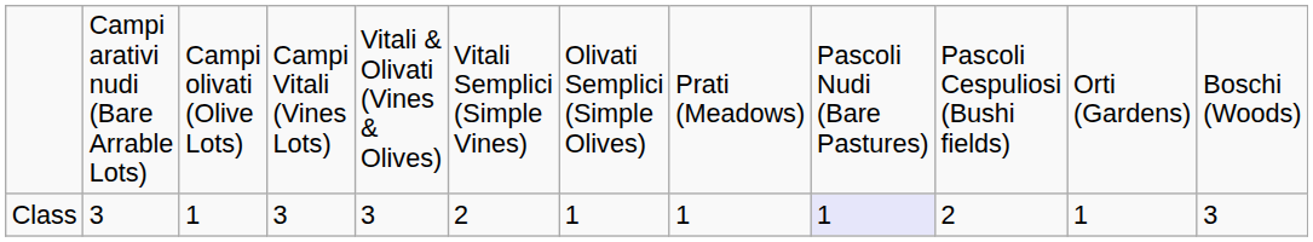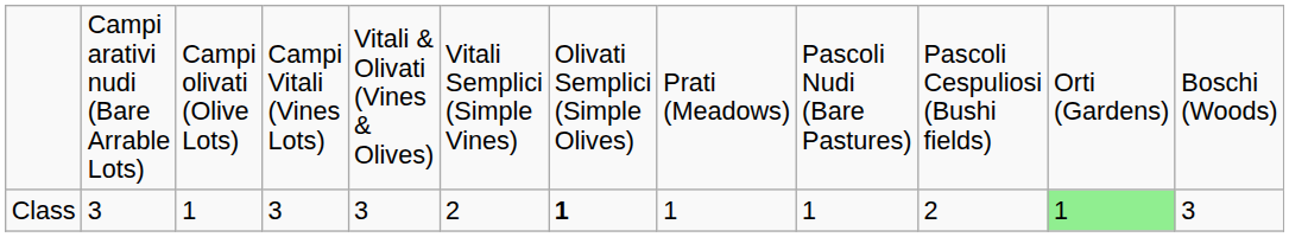 <table class="wikitable">
 <tr>
 <td></td>
 <td>Campi arativi nudi  (Bare Arrable Lots)</td>
 <td>Campi olivati (Olive Lots)</td>
 <td>Campi Vitali (Vines Lots)</td>
 <td>Vitali & Olivati (Vines & Olives)</td>
 <td>Vitali Semplici (Simple Vines)</td>
 <td>Olivati Semplici  (Simple Olives)</td>
 <td>Prati (Meadows)</td>
 <td>Pascoli Nudi (Bare Pastures)</td>
 <td>Pascoli Cespuliosi (Bushi fields)</td>
 <td>Orti  (Gardens)</td>
 <td>Boschi (Woods)</td>
 </tr>
 <tr>
 <td>Class</td>
 <td>3</td>
 <td>1</td>
 <td>3</td>
 <td>3</td>
 <td>2</td>
+<td><strong>1</strong></td>
 <td>1</td>
 <td>1</td>
-<td style="background: lavender;">1</td>
 <td>2</td>
-<td>1</td>
+<td style="background: lightgreen;">1</td>
 <td>3</td>
 </tr>
 </table>
